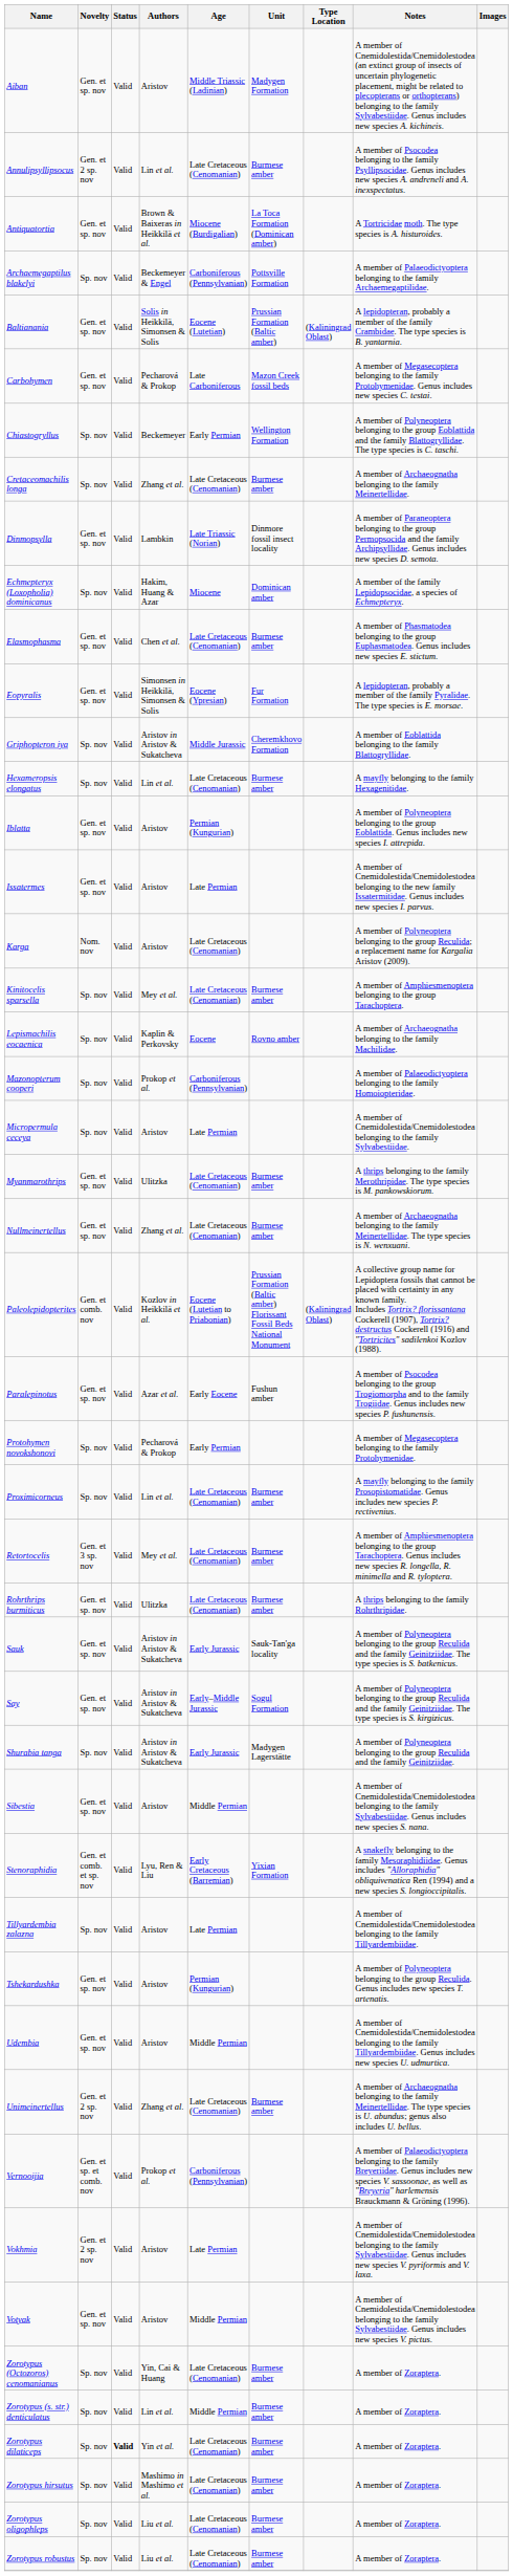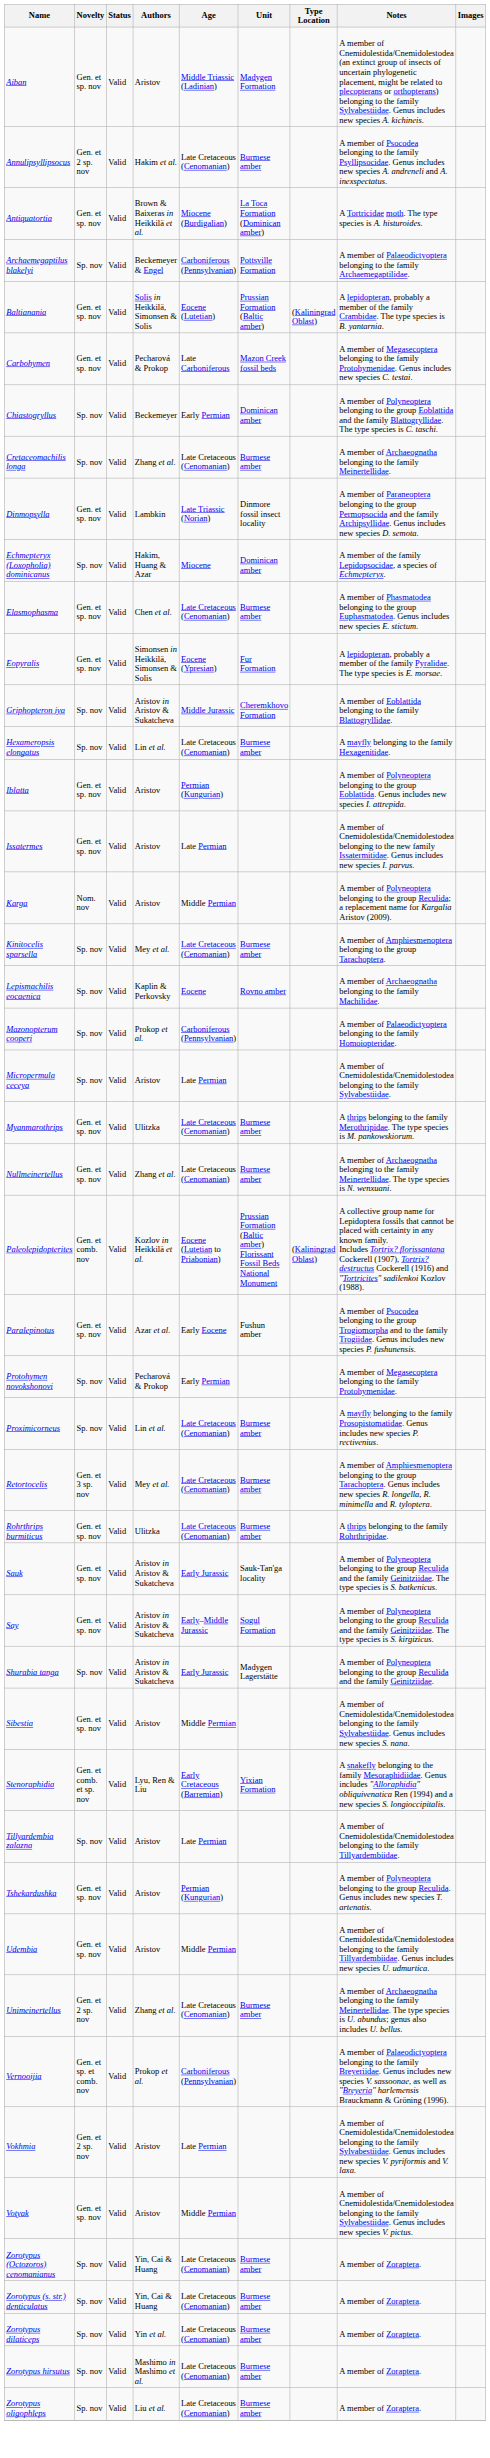 <table class="wikitable sortable" align="center" width="100%">
 <tr>
 <th>Name</th>
 <th>Novelty</th>
 <th>Status</th>
 <th>Authors</th>
 <th>Age</th>
 <th>Unit</th>
 <th>Type Location</th>
 <th>Notes</th>
 <th>Images</th>
 </tr>
 <tr>
 <td><br><em><a href='#'>Aiban</a></em></td>
 <td><br>Gen. et sp. nov</td>
 <td><br>Valid</td>
 <td><br>Aristov</td>
 <td><br><a href='#'>Middle Triassic</a> (<a href='#'>Ladinian</a>)</td>
 <td><br><a href='#'>Madygen Formation</a></td>
 <td><br></td>
 <td><br>A member of Cnemidolestida/Cnemidolestodea (an extinct group of insects of uncertain phylogenetic placement, might be related to <a href='#'>plecopterans</a> or <a href='#'>orthopterans</a>) belonging to the family <a href='#'>Sylvabestiidae</a>. Genus includes new species <em>A. kichineis</em>.</td>
 <td></td>
 </tr>
 <tr>
 <td><br><em><a href='#'>Annulipsyllipsocus</a></em></td>
 <td><br>Gen. et 2 sp. nov</td>
 <td><br>Valid</td>
-<td><br>Lin <em>et al.</em></td>
+<td><br>Hakim <em>et al.</em></td>
 <td><br>Late Cretaceous (<a href='#'>Cenomanian</a>)</td>
 <td><br><a href='#'>Burmese amber</a></td>
 <td><br></td>
 <td><br>A member of <a href='#'>Psocodea</a> belonging to the family <a href='#'>Psyllipsocidae</a>. Genus includes new species <em>A. andreneli</em> and <em>A. inexspectatus</em>.</td>
 <td></td>
 </tr>
 <tr>
 <td><br><em><a href='#'>Antiquatortia</a></em></td>
 <td><br>Gen. et sp. nov</td>
 <td><br>Valid</td>
 <td><br>Brown & Baixeras <em>in</em> Heikkilä <em>et al.</em></td>
 <td><br><a href='#'>Miocene</a> (<a href='#'>Burdigalian</a>)</td>
 <td><br><a href='#'>La Toca Formation</a> (<a href='#'>Dominican amber</a>)</td>
 <td><br></td>
 <td><br>A <a href='#'>Tortricidae</a> <a href='#'>moth</a>. The type species is <em>A. histuroides</em>.</td>
 <td><br></td>
 </tr>
 <tr>
 <td><br><em><a href='#'>Archaemegaptilus blakelyi</a></em></td>
 <td><br>Sp. nov</td>
 <td><br>Valid</td>
 <td><br>Beckemeyer & <a href='#'>Engel</a></td>
 <td><br><a href='#'>Carboniferous</a> (<a href='#'>Pennsylvanian</a>)</td>
 <td><br><a href='#'>Pottsville Formation</a></td>
 <td><br></td>
 <td><br>A member of <a href='#'>Palaeodictyoptera</a> belonging to the family <a href='#'>Archaemegaptilidae</a>.</td>
 <td></td>
 </tr>
 <tr>
 <td><br><em><a href='#'>Baltianania</a></em></td>
 <td><br>Gen. et sp. nov</td>
 <td><br>Valid</td>
 <td><br><a href='#'>Solis</a> <em>in</em> Heikkilä, Simonsen & Solis</td>
 <td><br><a href='#'>Eocene</a> (<a href='#'>Lutetian</a>)</td>
 <td><br><a href='#'>Prussian Formation</a> (<a href='#'>Baltic amber</a>)</td>
 <td><br><br>(<a href='#'>Kaliningrad Oblast</a>)</td>
 <td><br>A <a href='#'>lepidopteran</a>, probably a member of the family <a href='#'>Crambidae</a>. The type species is <em>B. yantarnia</em>.</td>
 <td></td>
 </tr>
 <tr>
 <td><br><em><a href='#'>Carbohymen</a></em></td>
 <td><br>Gen. et sp. nov</td>
 <td><br>Valid</td>
 <td><br>Pecharová & Prokop</td>
 <td><br>Late <a href='#'>Carboniferous</a></td>
 <td><br><a href='#'>Mazon Creek fossil beds</a></td>
 <td><br></td>
 <td><br>A member of <a href='#'>Megasecoptera</a> belonging to the family <a href='#'>Protohymenidae</a>. Genus includes new species <em>C. testai</em>.</td>
 <td></td>
 </tr>
 <tr>
 <td><br><em><a href='#'>Chiastogryllus</a></em></td>
 <td><br>Sp. nov</td>
 <td><br>Valid</td>
 <td><br>Beckemeyer</td>
 <td><br>Early <a href='#'>Permian</a></td>
-<td><br><a href='#'>Wellington Formation</a></td>
+<td><br><a href='#'>Dominican amber</a></td>
 <td><br></td>
 <td><br>A member of <a href='#'>Polyneoptera</a> belonging to the group <a href='#'>Eoblattida</a> and the family <a href='#'>Blattogryllidae</a>. The type species is <em>C. taschi</em>.</td>
 <td></td>
 </tr>
 <tr>
 <td><br><em><a href='#'>Cretaceomachilis longa</a></em></td>
 <td><br>Sp. nov</td>
 <td><br>Valid</td>
 <td><br>Zhang <em>et al.</em></td>
 <td><br>Late Cretaceous (<a href='#'>Cenomanian</a>)</td>
 <td><br><a href='#'>Burmese amber</a></td>
 <td><br></td>
 <td><br>A member of <a href='#'>Archaeognatha</a> belonging to the family <a href='#'>Meinertellidae</a>.</td>
 <td></td>
 </tr>
 <tr>
 <td><br><em><a href='#'>Dinmopsylla</a></em></td>
 <td><br>Gen. et sp. nov</td>
 <td><br>Valid</td>
 <td><br>Lambkin</td>
 <td><br><a href='#'>Late Triassic</a> (<a href='#'>Norian</a>)</td>
 <td><br>Dinmore fossil insect locality</td>
 <td><br></td>
 <td><br>A member of <a href='#'>Paraneoptera</a> belonging to the group <a href='#'>Permopsocida</a> and the family <a href='#'>Archipsyllidae</a>. Genus includes new species <em>D. semota</em>.</td>
 <td></td>
 </tr>
 <tr>
 <td><br><em><a href='#'>Echmepteryx (Loxopholia) dominicanus</a></em></td>
 <td><br>Sp. nov</td>
 <td><br>Valid</td>
 <td><br>Hakim, Huang & Azar</td>
 <td><br><a href='#'>Miocene</a></td>
 <td><br><a href='#'>Dominican amber</a></td>
 <td><br></td>
 <td><br>A member of the family <a href='#'>Lepidopsocidae</a>, a species of <em><a href='#'>Echmepteryx</a></em>.</td>
 <td></td>
 </tr>
 <tr>
 <td><br><em><a href='#'>Elasmophasma</a></em></td>
 <td><br>Gen. et sp. nov</td>
 <td><br>Valid</td>
 <td><br>Chen <em>et al.</em></td>
 <td><br><a href='#'>Late Cretaceous</a> (<a href='#'>Cenomanian</a>)</td>
 <td><br><a href='#'>Burmese amber</a></td>
 <td><br></td>
 <td><br>A member of <a href='#'>Phasmatodea</a> belonging to the group <a href='#'>Euphasmatodea</a>. Genus includes new species <em>E. stictum</em>.</td>
 <td></td>
 </tr>
 <tr>
 <td><br><em><a href='#'>Eopyralis</a></em></td>
 <td><br>Gen. et sp. nov</td>
 <td><br>Valid</td>
 <td><br>Simonsen <em>in</em> Heikkilä, Simonsen & Solis</td>
 <td><br><a href='#'>Eocene</a> (<a href='#'>Ypresian</a>)</td>
 <td><br><a href='#'>Fur Formation</a></td>
 <td><br></td>
 <td><br>A <a href='#'>lepidopteran</a>, probably a member of the family <a href='#'>Pyralidae</a>. The type species is <em>E. morsae</em>.</td>
 <td></td>
 </tr>
 <tr>
 <td><br><em><a href='#'>Griphopteron iya</a></em></td>
 <td><br>Sp. nov</td>
 <td><br>Valid</td>
 <td><br>Aristov <em>in</em> Aristov & Sukatcheva</td>
 <td><br><a href='#'>Middle Jurassic</a></td>
 <td><br><a href='#'>Cheremkhovo Formation</a></td>
 <td><br></td>
 <td><br>A member of <a href='#'>Eoblattida</a> belonging to the family <a href='#'>Blattogryllidae</a>.</td>
 <td></td>
 </tr>
 <tr>
 <td><br><em><a href='#'>Hexameropsis elongatus</a></em></td>
 <td><br>Sp. nov</td>
 <td><br>Valid</td>
 <td><br>Lin <em>et al.</em></td>
 <td><br>Late Cretaceous (<a href='#'>Cenomanian</a>)</td>
 <td><br><a href='#'>Burmese amber</a></td>
 <td><br></td>
 <td><br>A <a href='#'>mayfly</a> belonging to the family <a href='#'>Hexagenitidae</a>.</td>
 <td></td>
 </tr>
 <tr>
 <td><br><em><a href='#'>Iblatta</a></em></td>
 <td><br>Gen. et sp. nov</td>
 <td><br>Valid</td>
 <td><br>Aristov</td>
 <td><br><a href='#'>Permian</a> (<a href='#'>Kungurian</a>)</td>
 <td></td>
 <td><br></td>
 <td><br>A member of <a href='#'>Polyneoptera</a> belonging to the group <a href='#'>Eoblattida</a>. Genus includes new species <em>I. attrepida</em>.</td>
 <td></td>
 </tr>
 <tr>
 <td><br><em><a href='#'>Issatermes</a></em></td>
 <td><br>Gen. et sp. nov</td>
 <td><br>Valid</td>
 <td><br>Aristov</td>
 <td><br>Late <a href='#'>Permian</a></td>
 <td></td>
 <td><br></td>
 <td><br>A member of Cnemidolestida/Cnemidolestodea belonging to the new family <a href='#'>Issatermitidae</a>. Genus includes new species <em>I. parvus</em>.</td>
 <td></td>
 </tr>
 <tr>
 <td><br><em><a href='#'>Karga</a></em></td>
 <td><br>Nom. nov</td>
 <td><br>Valid</td>
 <td><br>Aristov</td>
-<td><br>Late Cretaceous (<a href='#'>Cenomanian</a>)</td>
+<td><br>Middle <a href='#'>Permian</a></td>
 <td></td>
 <td><br></td>
 <td><br>A member of <a href='#'>Polyneoptera</a> belonging to the group <a href='#'>Reculida</a>; a replacement name for <em>Kargalia</em> Aristov (2009).</td>
 <td></td>
 </tr>
 <tr>
 <td><br><em><a href='#'>Kinitocelis sparsella</a></em></td>
 <td><br>Sp. nov</td>
 <td><br>Valid</td>
 <td><br>Mey <em>et al.</em></td>
 <td><br><a href='#'>Late Cretaceous</a> (<a href='#'>Cenomanian</a>)</td>
 <td><br><a href='#'>Burmese amber</a></td>
 <td><br></td>
 <td><br>A member of <a href='#'>Amphiesmenoptera</a> belonging to the group <a href='#'>Tarachoptera</a>.</td>
 <td></td>
 </tr>
 <tr>
 <td><br><em><a href='#'>Lepismachilis eocaenica</a></em></td>
 <td><br>Sp. nov</td>
 <td><br>Valid</td>
 <td><br>Kaplin & Perkovsky</td>
 <td><br><a href='#'>Eocene</a></td>
 <td><br><a href='#'>Rovno amber</a></td>
 <td><br></td>
 <td><br>A member of <a href='#'>Archaeognatha</a> belonging to the family <a href='#'>Machilidae</a>.</td>
 <td></td>
 </tr>
 <tr>
 <td><br><em><a href='#'>Mazonopterum cooperi</a></em></td>
 <td><br>Sp. nov</td>
 <td><br>Valid</td>
 <td><br>Prokop <em>et al.</em></td>
 <td><br><a href='#'>Carboniferous</a> (<a href='#'>Pennsylvanian</a>)</td>
 <td></td>
 <td><br></td>
 <td><br>A member of <a href='#'>Palaeodictyoptera</a> belonging to the family <a href='#'>Homoiopteridae</a>.</td>
 <td></td>
 </tr>
 <tr>
 <td><br><em><a href='#'>Micropermula ceceya</a></em></td>
 <td><br>Sp. nov</td>
 <td><br>Valid</td>
 <td><br>Aristov</td>
 <td><br>Late <a href='#'>Permian</a></td>
 <td></td>
 <td><br></td>
 <td><br>A member of Cnemidolestida/Cnemidolestodea belonging to the family <a href='#'>Sylvabestiidae</a>.</td>
 <td></td>
 </tr>
 <tr>
 <td><br><em><a href='#'>Myanmarothrips</a></em></td>
 <td><br>Gen. et sp. nov</td>
 <td><br>Valid</td>
 <td><br>Ulitzka</td>
 <td><br><a href='#'>Late Cretaceous</a> (<a href='#'>Cenomanian</a>)</td>
 <td><br><a href='#'>Burmese amber</a></td>
 <td><br></td>
 <td><br>A <a href='#'>thrips</a> belonging to the family <a href='#'>Merothripidae</a>. The type species is <em>M. pankowskiorum</em>.</td>
 <td></td>
 </tr>
 <tr>
 <td><br><em><a href='#'>Nullmeinertellus</a></em></td>
 <td><br>Gen. et sp. nov</td>
 <td><br>Valid</td>
 <td><br>Zhang <em>et al.</em></td>
 <td><br>Late Cretaceous (<a href='#'>Cenomanian</a>)</td>
 <td><br><a href='#'>Burmese amber</a></td>
 <td><br></td>
 <td><br>A member of <a href='#'>Archaeognatha</a> belonging to the family <a href='#'>Meinertellidae</a>. The type species is <em>N. wenxuani</em>.</td>
 <td></td>
 </tr>
 <tr>
 <td><br><em><a href='#'>Paleolepidopterites</a></em></td>
 <td><br>Gen. et comb. nov</td>
 <td><br>Valid</td>
 <td><br>Kozlov <em>in</em> Heikkilä <em>et al.</em></td>
 <td><br><a href='#'>Eocene</a> (<a href='#'>Lutetian</a> to <a href='#'>Priabonian</a>)</td>
 <td><br><a href='#'>Prussian Formation</a> (<a href='#'>Baltic amber</a>)<br> <a href='#'>Florissant Fossil Beds National Monument</a></td>
 <td><br><br>(<a href='#'>Kaliningrad Oblast</a>)<br> </td>
 <td><br>A collective group name for Lepidoptera fossils that cannot be placed with certainty in any known family. <br>Includes <em><a href='#'>Tortrix? florissantana</a></em> Cockerell (1907), <em><a href='#'>Tortrix? destructus</a></em> Cockerell (1916) and <em>"<a href='#'>Tortricites</a>" sadilenkoi</em> Kozlov (1988).</td>
 <td><br></td>
 </tr>
 <tr>
 <td><br><em><a href='#'>Paralepinotus</a></em></td>
 <td><br>Gen. et sp. nov</td>
 <td><br>Valid</td>
 <td><br>Azar <em>et al.</em></td>
 <td><br>Early <a href='#'>Eocene</a></td>
 <td><br>Fushun amber</td>
 <td><br></td>
 <td><br>A member of <a href='#'>Psocodea</a> belonging to the group <a href='#'>Trogiomorpha</a> and to the family <a href='#'>Trogiidae</a>. Genus includes new species <em>P. fushunensis</em>.</td>
 <td></td>
 </tr>
 <tr>
 <td><br><em><a href='#'>Protohymen novokshonovi</a></em></td>
 <td><br>Sp. nov</td>
 <td><br>Valid</td>
 <td><br>Pecharová & Prokop</td>
 <td><br>Early <a href='#'>Permian</a></td>
 <td></td>
 <td><br></td>
 <td><br>A member of <a href='#'>Megasecoptera</a> belonging to the family <a href='#'>Protohymenidae</a>.</td>
 <td></td>
 </tr>
 <tr>
 <td><br><em><a href='#'>Proximicorneus</a></em></td>
 <td><br>Sp. nov</td>
 <td><br>Valid</td>
 <td><br>Lin <em>et al.</em></td>
 <td><br><a href='#'>Late Cretaceous</a> (<a href='#'>Cenomanian</a>)</td>
 <td><br><a href='#'>Burmese amber</a></td>
 <td><br></td>
 <td><br>A <a href='#'>mayfly</a> belonging to the family <a href='#'>Prosopistomatidae</a>. Genus includes new species <em>P. rectivenius</em>.</td>
 <td></td>
 </tr>
 <tr>
 <td><br><em><a href='#'>Retortocelis</a></em></td>
 <td><br>Gen. et 3 sp. nov</td>
 <td><br>Valid</td>
 <td><br>Mey <em>et al.</em></td>
 <td><br><a href='#'>Late Cretaceous</a> (<a href='#'>Cenomanian</a>)</td>
 <td><br><a href='#'>Burmese amber</a></td>
 <td><br></td>
 <td><br>A member of <a href='#'>Amphiesmenoptera</a> belonging to the group <a href='#'>Tarachoptera</a>. Genus includes new species <em>R. longella</em>, <em>R. minimella</em> and <em>R. tyloptera</em>.</td>
 <td></td>
 </tr>
 <tr>
 <td><br><em><a href='#'>Rohrthrips burmiticus</a></em></td>
 <td><br>Gen. et sp. nov</td>
 <td><br>Valid</td>
 <td><br>Ulitzka</td>
 <td><br><a href='#'>Late Cretaceous</a> (<a href='#'>Cenomanian</a>)</td>
 <td><br><a href='#'>Burmese amber</a></td>
 <td><br></td>
 <td><br>A <a href='#'>thrips</a> belonging to the family <a href='#'>Rohrthripidae</a>.</td>
 <td><br></td>
 </tr>
 <tr>
 <td><br><em><a href='#'>Sauk</a></em></td>
 <td><br>Gen. et sp. nov</td>
 <td><br>Valid</td>
 <td><br>Aristov <em>in</em> Aristov & Sukatcheva</td>
 <td><br><a href='#'>Early Jurassic</a></td>
 <td><br>Sauk-Tan'ga locality</td>
 <td><br></td>
 <td><br>A member of <a href='#'>Polyneoptera</a> belonging to the group <a href='#'>Reculida</a> and the family <a href='#'>Geinitziidae</a>. The type species is <em>S. batkenicus</em>.</td>
 <td></td>
 </tr>
 <tr>
 <td><br><em><a href='#'>Say</a></em></td>
 <td><br>Gen. et sp. nov</td>
 <td><br>Valid</td>
 <td><br>Aristov <em>in</em> Aristov & Sukatcheva</td>
 <td><br><a href='#'>Early</a>–<a href='#'>Middle Jurassic</a></td>
 <td><br><a href='#'>Sogul Formation</a></td>
 <td><br></td>
 <td><br>A member of <a href='#'>Polyneoptera</a> belonging to the group <a href='#'>Reculida</a> and the family <a href='#'>Geinitziidae</a>. The type species is <em>S. kirgizicus</em>.</td>
 <td></td>
 </tr>
 <tr>
 <td><br><em><a href='#'>Shurabia tanga</a></em></td>
 <td><br>Sp. nov</td>
 <td><br>Valid</td>
 <td><br>Aristov <em>in</em> Aristov & Sukatcheva</td>
 <td><br><a href='#'>Early Jurassic</a></td>
 <td><br>Madygen Lagerstätte</td>
 <td><br></td>
 <td><br>A member of <a href='#'>Polyneoptera</a> belonging to the group <a href='#'>Reculida</a> and the family <a href='#'>Geinitziidae</a>.</td>
 <td></td>
 </tr>
 <tr>
 <td><br><em><a href='#'>Sibestia</a></em></td>
 <td><br>Gen. et sp. nov</td>
 <td><br>Valid</td>
 <td><br>Aristov</td>
 <td><br>Middle <a href='#'>Permian</a></td>
 <td></td>
 <td><br></td>
 <td><br>A member of Cnemidolestida/Cnemidolestodea belonging to the family <a href='#'>Sylvabestiidae</a>. Genus includes new species <em>S. nana</em>.</td>
 <td></td>
 </tr>
 <tr>
 <td><br><em><a href='#'>Stenoraphidia</a></em></td>
 <td><br>Gen. et comb. et sp. nov</td>
 <td><br>Valid</td>
 <td><br>Lyu, Ren & Liu</td>
 <td><br><a href='#'>Early Cretaceous</a> (<a href='#'>Barremian</a>)</td>
 <td><br><a href='#'>Yixian Formation</a></td>
 <td><br></td>
 <td><br>A <a href='#'>snakefly</a> belonging to the family <a href='#'>Mesoraphidiidae</a>. Genus includes <em>"<a href='#'>Alloraphidia</a>" obliquivenatica</em> Ren (1994) and a new species <em>S. longioccipitalis</em>.</td>
 <td></td>
 </tr>
 <tr>
 <td><br><em><a href='#'>Tillyardembia zalazna</a></em></td>
 <td><br>Sp. nov</td>
 <td><br>Valid</td>
 <td><br>Aristov</td>
 <td><br>Late <a href='#'>Permian</a></td>
 <td></td>
 <td><br></td>
 <td><br>A member of Cnemidolestida/Cnemidolestodea belonging to the family <a href='#'>Tillyardembiidae</a>.</td>
 <td></td>
 </tr>
 <tr>
 <td><br><em><a href='#'>Tshekardushka</a></em></td>
 <td><br>Gen. et sp. nov</td>
 <td><br>Valid</td>
 <td><br>Aristov</td>
 <td><br><a href='#'>Permian</a> (<a href='#'>Kungurian</a>)</td>
 <td></td>
 <td><br></td>
 <td><br>A member of <a href='#'>Polyneoptera</a> belonging to the group <a href='#'>Reculida</a>. Genus includes new species <em>T. artenatis</em>.</td>
 <td></td>
 </tr>
 <tr>
 <td><br><em><a href='#'>Udembia</a></em></td>
 <td><br>Gen. et sp. nov</td>
 <td><br>Valid</td>
 <td><br>Aristov</td>
 <td><br>Middle <a href='#'>Permian</a></td>
 <td></td>
 <td><br></td>
 <td><br>A member of Cnemidolestida/Cnemidolestodea belonging to the family <a href='#'>Tillyardembiidae</a>. Genus includes new species <em>U. udmurtica</em>.</td>
 <td></td>
 </tr>
 <tr>
 <td><br><em><a href='#'>Unimeinertellus</a></em></td>
 <td><br>Gen. et 2 sp. nov</td>
 <td><br>Valid</td>
 <td><br>Zhang <em>et al.</em></td>
 <td><br>Late Cretaceous (<a href='#'>Cenomanian</a>)</td>
 <td><br><a href='#'>Burmese amber</a></td>
 <td><br></td>
 <td><br>A member of <a href='#'>Archaeognatha</a> belonging to the family <a href='#'>Meinertellidae</a>. The type species is <em>U. abundus</em>; genus also includes <em>U. bellus</em>.</td>
 <td></td>
 </tr>
 <tr>
 <td><br><em><a href='#'>Vernooijia</a></em></td>
 <td><br>Gen. et sp. et comb. nov</td>
 <td><br>Valid</td>
 <td><br>Prokop <em>et al.</em></td>
 <td><br><a href='#'>Carboniferous</a> (<a href='#'>Pennsylvanian</a>)</td>
 <td></td>
 <td><br><br> </td>
 <td><br>A member of <a href='#'>Palaeodictyoptera</a> belonging to the family <a href='#'>Breyeriidae</a>. Genus includes new species <em>V. sassoonae</em>, as well as <em>"<a href='#'>Breyeria</a>" harlemensis</em> Brauckmann & Gröning (1996).</td>
 <td></td>
 </tr>
 <tr>
 <td><br><em><a href='#'>Vokhmia</a></em></td>
 <td><br>Gen. et 2 sp. nov</td>
 <td><br>Valid</td>
 <td><br>Aristov</td>
 <td><br>Late <a href='#'>Permian</a></td>
 <td></td>
 <td><br></td>
 <td><br>A member of Cnemidolestida/Cnemidolestodea belonging to the family <a href='#'>Sylvabestiidae</a>. Genus includes new species <em>V. pyriformis</em> and <em>V. laxa</em>.</td>
 <td></td>
 </tr>
 <tr>
 <td><br><em><a href='#'>Votyak</a></em></td>
 <td><br>Gen. et sp. nov</td>
 <td><br>Valid</td>
 <td><br>Aristov</td>
 <td><br>Middle <a href='#'>Permian</a></td>
 <td></td>
 <td><br></td>
 <td><br>A member of Cnemidolestida/Cnemidolestodea belonging to the family <a href='#'>Sylvabestiidae</a>. Genus includes new species <em>V. pictus</em>.</td>
 <td></td>
 </tr>
 <tr>
 <td><br><em><a href='#'>Zorotypus (Octozoros) cenomanianus</a></em></td>
 <td><br>Sp. nov</td>
 <td><br>Valid</td>
 <td><br>Yin, Cai & Huang</td>
 <td><br>Late Cretaceous (<a href='#'>Cenomanian</a>)</td>
 <td><br><a href='#'>Burmese amber</a></td>
 <td><br></td>
 <td><br>A member of <a href='#'>Zoraptera</a>.</td>
 <td></td>
 </tr>
 <tr>
 <td><br><em><a href='#'>Zorotypus (s. str.) denticulatus</a></em></td>
 <td><br>Sp. nov</td>
 <td><br>Valid</td>
-<td><br>Lin <em>et al.</em></td>
-<td><br>Middle <a href='#'>Permian</a></td>
+<td><br>Yin, Cai & Huang</td>
+<td><br>Late Cretaceous (<a href='#'>Cenomanian</a>)</td>
 <td><br><a href='#'>Burmese amber</a></td>
 <td><br></td>
 <td><br>A member of <a href='#'>Zoraptera</a>.</td>
 <td></td>
 </tr>
 <tr>
 <td><br><em><a href='#'>Zorotypus dilaticeps</a></em></td>
 <td><br>Sp. nov</td>
-<td><strong><br>Valid</strong></td>
+<td><br>Valid</td>
 <td><br>Yin <em>et al.</em></td>
 <td><br>Late Cretaceous (<a href='#'>Cenomanian</a>)</td>
 <td><br><a href='#'>Burmese amber</a></td>
 <td><br></td>
 <td><br>A member of <a href='#'>Zoraptera</a>.</td>
 <td></td>
 </tr>
 <tr>
 <td><br><em><a href='#'>Zorotypus hirsutus</a></em></td>
 <td><br>Sp. nov</td>
 <td><br>Valid</td>
 <td><br>Mashimo <em>in</em> Mashimo <em>et al.</em></td>
 <td><br>Late Cretaceous (<a href='#'>Cenomanian</a>)</td>
 <td><br><a href='#'>Burmese amber</a></td>
 <td><br></td>
 <td><br>A member of <a href='#'>Zoraptera</a>.</td>
 <td></td>
 </tr>
 <tr>
 <td><br><em><a href='#'>Zorotypus oligophleps</a></em></td>
 <td><br>Sp. nov</td>
 <td><br>Valid</td>
 <td><br>Liu <em>et al.</em></td>
 <td><br>Late Cretaceous (<a href='#'>Cenomanian</a>)</td>
 <td><br><a href='#'>Burmese amber</a></td>
 <td><br></td>
 <td><br>A member of <a href='#'>Zoraptera</a>.</td>
 <td></td>
 </tr>
 <tr>
-<td><br><em><a href='#'>Zorotypus robustus</a></em></td>
-<td><br>Sp. nov</td>
-<td><br>Valid</td>
-<td><br>Liu <em>et al.</em></td>
-<td><br>Late Cretaceous (<a href='#'>Cenomanian</a>)</td>
-<td><br><a href='#'>Burmese amber</a></td>
-<td><br></td>
-<td><br>A member of <a href='#'>Zoraptera</a>.</td>
-<td></td>
-</tr>
-<tr>
 </tr>
 </table>
